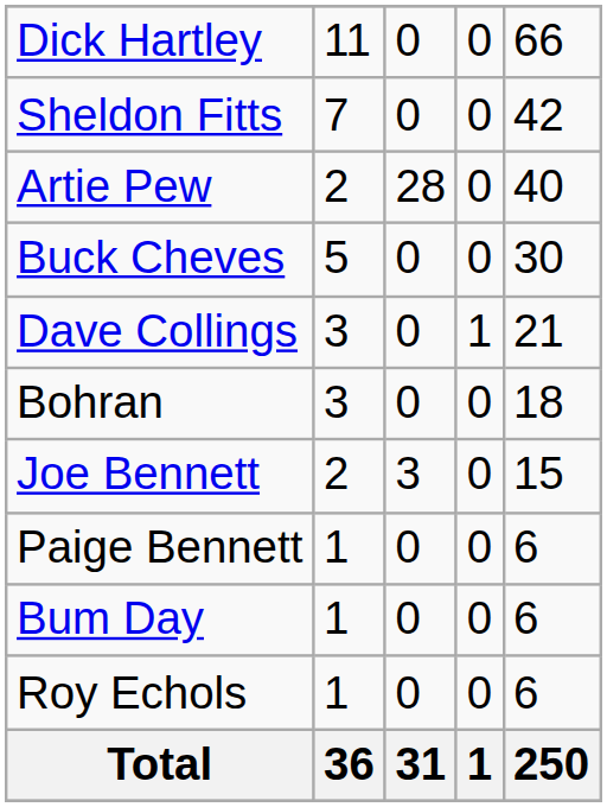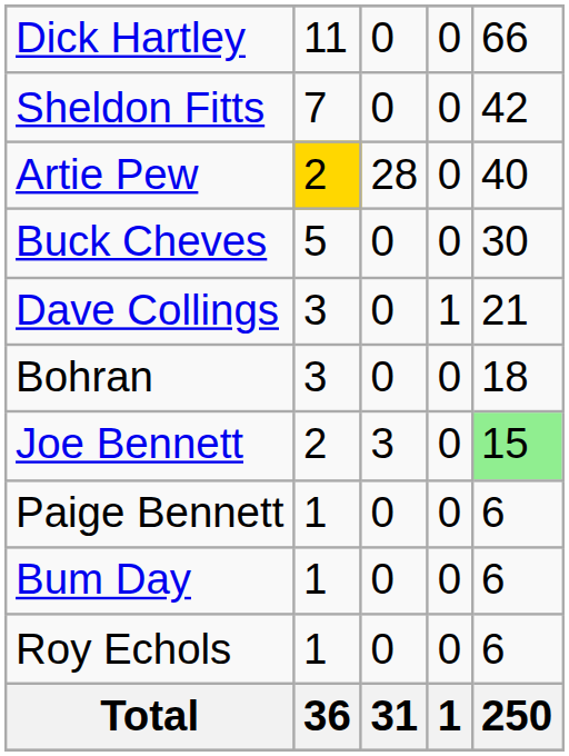 <table class="wikitable">
 <tr>
 </tr>
 <tr>
 <td><a href='#'>Dick Hartley</a></td>
 <td>11</td>
 <td>0</td>
 <td>0</td>
 <td>66</td>
 </tr>
 <tr>
 <td><a href='#'>Sheldon Fitts</a></td>
 <td>7</td>
 <td>0</td>
 <td>0</td>
 <td>42</td>
 </tr>
 <tr>
 <td><a href='#'>Artie Pew</a></td>
-<td>2</td>
+<td style="background: gold;">2</td>
 <td>28</td>
 <td>0</td>
 <td>40</td>
 </tr>
 <tr>
 <td><a href='#'>Buck Cheves</a></td>
 <td>5</td>
 <td>0</td>
 <td>0</td>
 <td>30</td>
 </tr>
 <tr>
 <td><a href='#'>Dave Collings</a></td>
 <td>3</td>
 <td>0</td>
 <td>1</td>
 <td>21</td>
 </tr>
 <tr>
 <td>Bohran</td>
 <td>3</td>
 <td>0</td>
 <td>0</td>
 <td>18</td>
 </tr>
 <tr>
 <td><a href='#'>Joe Bennett</a></td>
 <td>2</td>
 <td>3</td>
 <td>0</td>
-<td>15</td>
+<td style="background: lightgreen;">15</td>
 </tr>
 <tr>
 <td>Paige Bennett</td>
 <td>1</td>
 <td>0</td>
 <td>0</td>
 <td>6</td>
 </tr>
 <tr>
 <td><a href='#'>Bum Day</a></td>
 <td>1</td>
 <td>0</td>
 <td>0</td>
 <td>6</td>
 </tr>
 <tr>
 <td>Roy Echols</td>
 <td>1</td>
 <td>0</td>
 <td>0</td>
 <td>6</td>
 </tr>
 <tr>
 <th>Total</th>
 <th>36</th>
 <th>31</th>
 <th>1</th>
 <th>250</th>
 </tr>
 <tr>
 </tr>
 </table>
